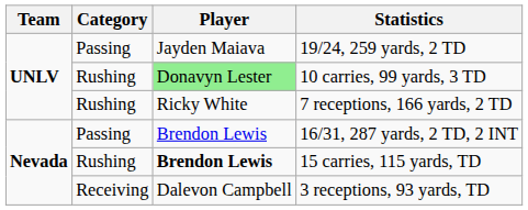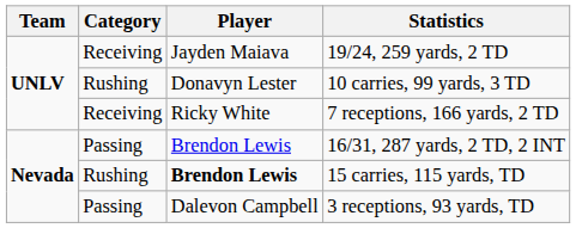 <table class="wikitable" style="float: right;">
 <tr>
 <th>Team</th>
 <th>Category</th>
 <th>Player</th>
 <th>Statistics</th>
 </tr>
 <tr>
 <td rowspan=3><strong>UNLV</strong></td>
-<td>Passing</td>
+<td>Receiving</td>
 <td>Jayden Maiava</td>
 <td>19/24, 259 yards, 2 TD</td>
 </tr>
 <tr>
 <td>Rushing</td>
-<td style="background: lightgreen;">Donavyn Lester</td>
+<td>Donavyn Lester</td>
 <td>10 carries, 99 yards, 3 TD</td>
 </tr>
 <tr>
-<td>Rushing</td>
+<td>Receiving</td>
 <td>Ricky White</td>
 <td>7 receptions, 166 yards, 2 TD</td>
 </tr>
 <tr>
 <td rowspan=3><strong>Nevada</strong></td>
 <td>Passing</td>
 <td><a href='#'>Brendon Lewis</a></td>
 <td>16/31, 287 yards, 2 TD, 2 INT</td>
 </tr>
 <tr>
 <td>Rushing</td>
 <td><strong>Brendon Lewis</strong></td>
 <td>15 carries, 115 yards, TD</td>
 </tr>
 <tr>
-<td>Receiving</td>
+<td>Passing</td>
 <td>Dalevon Campbell</td>
 <td>3 receptions, 93 yards, TD</td>
 </tr>
 </table>
